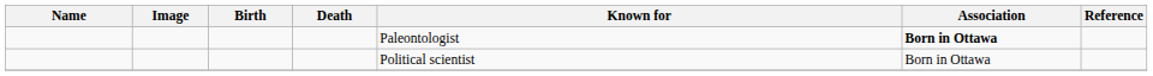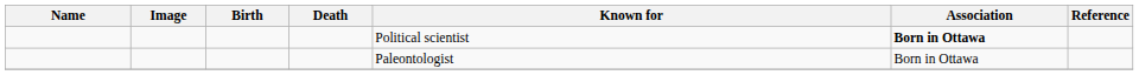 <table class="wikitable sortable">
 <tr>
 <th scope="col" width="140">Name</th>
 <th scope="col" width="80" class="unsortable">Image</th>
 <th scope="col" width="90">Birth</th>
 <th scope="col" width="90">Death</th>
 <th scope="col" width="600" class="unsortable">Known for</th>
 <th scope="col" width="200" class="unsortable">Association</th>
 <th scope="col" width="30" class="unsortable">Reference</th>
 </tr>
 <tr>
 <td></td>
 <td></td>
 <td align=right></td>
 <td></td>
-<td>Paleontologist</td>
+<td>Political scientist</td>
 <td><strong>Born in Ottawa</strong></td>
 <td align="center"></td>
 </tr>
 <tr>
 <td></td>
 <td></td>
 <td align=right></td>
 <td></td>
-<td>Political scientist</td>
+<td>Paleontologist</td>
 <td>Born in Ottawa</td>
 <td align="center"></td>
 </tr>
 <tr>
 </tr>
 </table>
